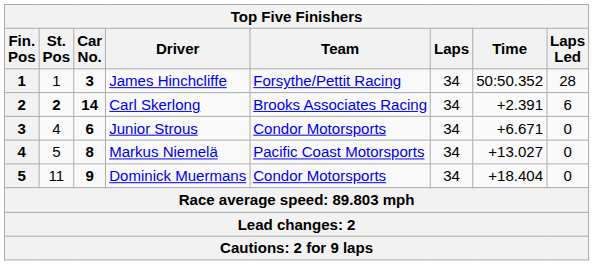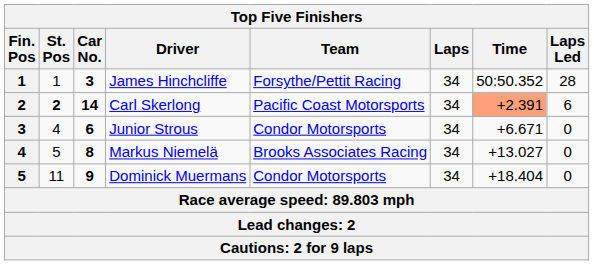 <table class="wikitable" style="font-size:95%;">
 <tr>
 <th colspan=9>Top Five Finishers</th>
 </tr>
 <tr>
 <th>Fin.<br>Pos</th>
 <th>St.<br>Pos</th>
 <th>Car<br>No.</th>
 <th>Driver</th>
 <th>Team</th>
 <th>Laps</th>
 <th>Time</th>
 <th>Laps<br>Led</th>
 </tr>
 <tr>
 <th>1</th>
 <td align=center>1</td>
 <td align=center><strong>3</strong></td>
 <td> <a href='#'>James Hinchcliffe</a></td>
 <td><a href='#'>Forsythe/Pettit Racing</a></td>
 <td align=center>34</td>
 <td align=right>50:50.352</td>
 <td align=center>28</td>
 </tr>
 <tr>
 <th>2</th>
 <td align=center><strong>2</strong></td>
 <td style="text-align:center;"><strong>14</strong></td>
 <td> <a href='#'>Carl Skerlong</a></td>
-<td><a href='#'>Brooks Associates Racing</a></td>
+<td><a href='#'>Pacific Coast Motorsports</a></td>
 <td align=center>34</td>
-<td align=right>+2.391</td>
+<td align=right style="background: lightsalmon;">+2.391</td>
 <td align=center>6</td>
 </tr>
 <tr>
 <th>3</th>
 <td align=center>4</td>
 <td align=center><strong>6</strong></td>
 <td> <a href='#'>Junior Strous</a></td>
 <td><a href='#'>Condor Motorsports</a></td>
 <td align=center>34</td>
 <td align=right>+6.671</td>
 <td align=center>0</td>
 </tr>
 <tr>
 <th>4</th>
 <td align=center>5</td>
 <td align=center><strong>8</strong></td>
 <td> <a href='#'>Markus Niemelä</a></td>
-<td><a href='#'>Pacific Coast Motorsports</a></td>
+<td><a href='#'>Brooks Associates Racing</a></td>
 <td align=center>34</td>
 <td align=right>+13.027</td>
 <td align=center>0</td>
 </tr>
 <tr>
 <th>5</th>
 <td align=center>11</td>
 <td align=center><strong>9</strong></td>
 <td> <a href='#'>Dominick Muermans</a></td>
 <td><a href='#'>Condor Motorsports</a></td>
 <td align=center>34</td>
 <td align=right>+18.404</td>
 <td align=center>0</td>
 </tr>
 <tr>
 <th colspan=9>Race average speed: 89.803 mph</th>
 </tr>
 <tr>
 <th colspan=9>Lead changes: 2</th>
 </tr>
 <tr>
 <th colspan=9>Cautions:  2 for 9 laps</th>
 </tr>
 </table>
